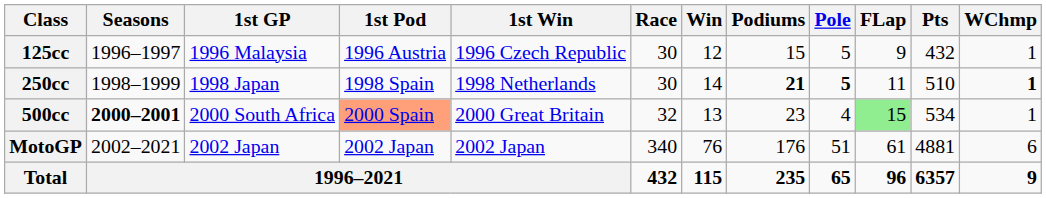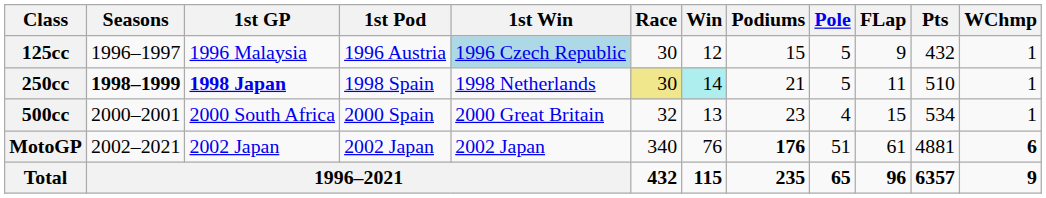 <table class="wikitable" style="font-size:100%; text-align:right;">
 <tr>
 <th>Class</th>
 <th>Seasons</th>
 <th>1st GP</th>
 <th>1st Pod</th>
 <th>1st Win</th>
 <th>Race</th>
 <th>Win</th>
 <th>Podiums</th>
 <th><a href='#'>Pole</a></th>
 <th>FLap</th>
 <th>Pts</th>
 <th>WChmp</th>
 </tr>
 <tr>
 <th>125cc</th>
 <td>1996–1997</td>
 <td align="left"><a href='#'>1996 Malaysia</a></td>
 <td align="left"><a href='#'>1996 Austria</a></td>
-<td align="left"><a href='#'>1996 Czech Republic</a></td>
+<td align="left" style="background: lightblue;"><a href='#'>1996 Czech Republic</a></td>
 <td>30</td>
 <td>12</td>
 <td>15</td>
 <td>5</td>
 <td>9</td>
 <td>432</td>
 <td>1</td>
 </tr>
 <tr>
 <th>250cc</th>
-<td>1998–1999</td>
-<td align="left"><a href='#'>1998 Japan</a></td>
+<td><strong>1998–1999</strong></td>
+<td align="left"><strong><a href='#'>1998 Japan</a></strong></td>
 <td align="left"><a href='#'>1998 Spain</a></td>
 <td align="left"><a href='#'>1998 Netherlands</a></td>
-<td>30</td>
-<td>14</td>
-<td><strong>21</strong></td>
-<td><strong>5</strong></td>
+<td style="background: khaki;">30</td>
+<td style="background: paleturquoise;">14</td>
+<td>21</td>
+<td>5</td>
 <td>11</td>
 <td>510</td>
-<td><strong>1</strong></td>
+<td>1</td>
 </tr>
 <tr>
 <th>500cc</th>
-<td><strong>2000–2001</strong></td>
+<td>2000–2001</td>
 <td align="left"><a href='#'>2000 South Africa</a></td>
-<td align="left" style="background: lightsalmon;"><a href='#'>2000 Spain</a></td>
+<td align="left"><a href='#'>2000 Spain</a></td>
 <td align="left"><a href='#'>2000 Great Britain</a></td>
 <td>32</td>
 <td>13</td>
 <td>23</td>
 <td>4</td>
-<td style="background: lightgreen;">15</td>
+<td>15</td>
 <td>534</td>
 <td>1</td>
 </tr>
 <tr>
 <th>MotoGP</th>
 <td>2002–2021</td>
 <td align="left"><a href='#'>2002 Japan</a></td>
 <td align="left"><a href='#'>2002 Japan</a></td>
 <td align="left"><a href='#'>2002 Japan</a></td>
 <td>340</td>
 <td>76</td>
-<td>176</td>
+<td><strong>176</strong></td>
 <td>51</td>
 <td>61</td>
 <td>4881</td>
-<td>6</td>
+<td><strong>6</strong></td>
 </tr>
 <tr>
 <th>Total</th>
 <th colspan=4>1996–2021</th>
 <td><strong>432</strong></td>
 <td><strong>115</strong></td>
 <td><strong>235</strong></td>
 <td><strong>65</strong></td>
 <td><strong>96</strong></td>
 <td><strong>6357</strong></td>
 <td><strong>9</strong></td>
 </tr>
 </table>
